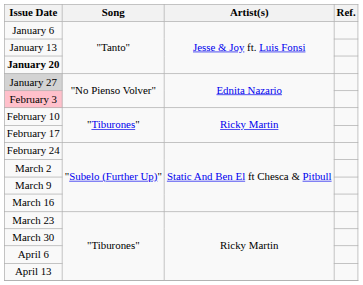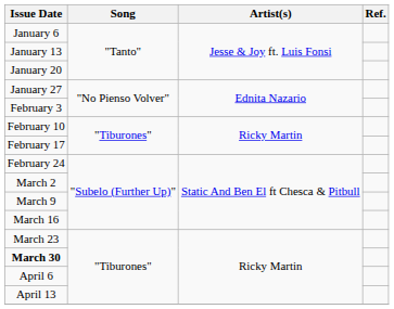 <table class="wikitable" style="text-align: center;">
 <tr>
 <th style="text-align: center;">Issue Date</th>
 <th style="text-align: center;">Song</th>
 <th style="text-align: center;">Artist(s)</th>
 <th style="text-align: center;">Ref.</th>
 </tr>
 <tr>
 <td>January 6</td>
 <td rowspan="3">"Tanto"</td>
 <td rowspan="3"><a href='#'>Jesse & Joy</a> ft. <a href='#'>Luis Fonsi</a></td>
 <td></td>
 </tr>
 <tr>
 <td>January 13</td>
 <td></td>
 </tr>
 <tr>
-<td><strong>January 20</strong></td>
+<td>January 20</td>
 <td></td>
 </tr>
 <tr>
-<td style="background: lightgrey;">January 27</td>
+<td>January 27</td>
 <td rowspan="2">"No Pienso Volver"</td>
 <td rowspan="2"><a href='#'>Ednita Nazario</a></td>
 <td></td>
 </tr>
 <tr>
-<td style="background: pink;">February 3</td>
+<td>February 3</td>
 <td></td>
 </tr>
 <tr>
 <td>February 10</td>
 <td rowspan="2">"<a href='#'>Tiburones</a>"</td>
 <td rowspan="2"><a href='#'>Ricky Martin</a></td>
 <td></td>
 </tr>
 <tr>
 <td>February 17</td>
 <td></td>
 </tr>
 <tr>
 <td>February 24</td>
 <td rowspan="4">"<a href='#'>Subelo (Further Up)</a>"</td>
 <td rowspan="4"><a href='#'>Static And Ben El</a> ft Chesca & <a href='#'>Pitbull</a></td>
 <td></td>
 </tr>
 <tr>
 <td>March 2</td>
 <td></td>
 </tr>
 <tr>
 <td>March 9</td>
 <td></td>
 </tr>
 <tr>
 <td>March 16</td>
 <td></td>
 </tr>
 <tr>
 <td>March 23</td>
 <td rowspan="4">"Tiburones"</td>
 <td rowspan="4">Ricky Martin</td>
 <td></td>
 </tr>
 <tr>
-<td>March 30</td>
+<td><strong>March 30</strong></td>
 <td></td>
 </tr>
 <tr>
 <td>April 6</td>
 <td></td>
 </tr>
 <tr>
 <td>April 13</td>
 <td></td>
 </tr>
 <tr>
 </tr>
 </table>
